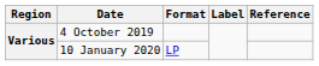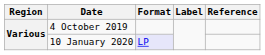 <table class="wikitable plainrowheaders">
 <tr>
 <th scope="col">Region</th>
 <th scope="col">Date</th>
 <th scope="col">Format</th>
 <th scope="col">Label</th>
 <th scope="col">Reference</th>
 </tr>
 <tr>
 <th scope="row" rowspan="2">Various</th>
 <td>4 October 2019</td>
 <td></td>
 <td rowspan="2"></td>
 <td></td>
 </tr>
 <tr>
 <td>10 January 2020</td>
-<td><a href='#'>LP</a></td>
+<td style="background: lavender;"><a href='#'>LP</a></td>
 <td></td>
 </tr>
 </table>
